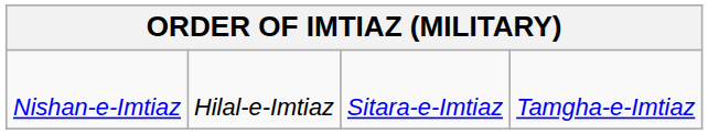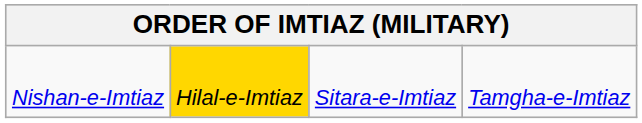 <table class="wikitable" style="margin: 1em auto;">
 <tr>
 <th colspan="4">ORDER OF IMTIAZ (MILITARY)</th>
 </tr>
 <tr align="center">
 <td><br><em><small><a href='#'>Nishan-e-Imtiaz</a></small></em></td>
-<td><br><em><small>Hilal-e-Imtiaz</small></em></td>
+<td style="background: gold;"><br><em><small>Hilal-e-Imtiaz</small></em></td>
 <td><br><em><small><a href='#'>Sitara-e-Imtiaz</a></small></em></td>
 <td><br><em><small><a href='#'>Tamgha-e-Imtiaz</a></small></em></td>
 </tr>
 </table>
